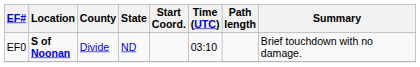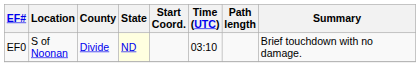 <table class="wikitable sortable" style="width:100%;">
 <tr>
 <th scope="col"  style="width:3%; text-align:center;"><a href='#'>EF#</a></th>
 <th scope="col"  style="width:7%; text-align:center;" class="unsortable">Location</th>
 <th scope="col"  style="width:6%; text-align:center;" class="unsortable">County</th>
 <th scope="col"  style="width:5%; text-align:center;">State</th>
 <th scope="col"  style="width:6%; text-align:center;">Start Coord.</th>
 <th scope="col"  style="width:6%; text-align:center;">Time (<a href='#'>UTC</a>)</th>
 <th scope="col"  style="width:6%; text-align:center;">Path length</th>
 <th scope="col" class="unsortable" style="width:48%; text-align:center;">Summary</th>
 </tr>
 <tr>
 <td>EF0</td>
-<td><strong>S of <a href='#'>Noonan</a></strong></td>
+<td>S of <a href='#'>Noonan</a></td>
 <td><a href='#'>Divide</a></td>
-<td><a href='#'>ND</a></td>
+<td style="background: lightyellow;"><a href='#'>ND</a></td>
 <td></td>
 <td>03:10</td>
 <td></td>
 <td>Brief touchdown with no damage.</td>
 </tr>
 <tr>
 </tr>
 </table>
